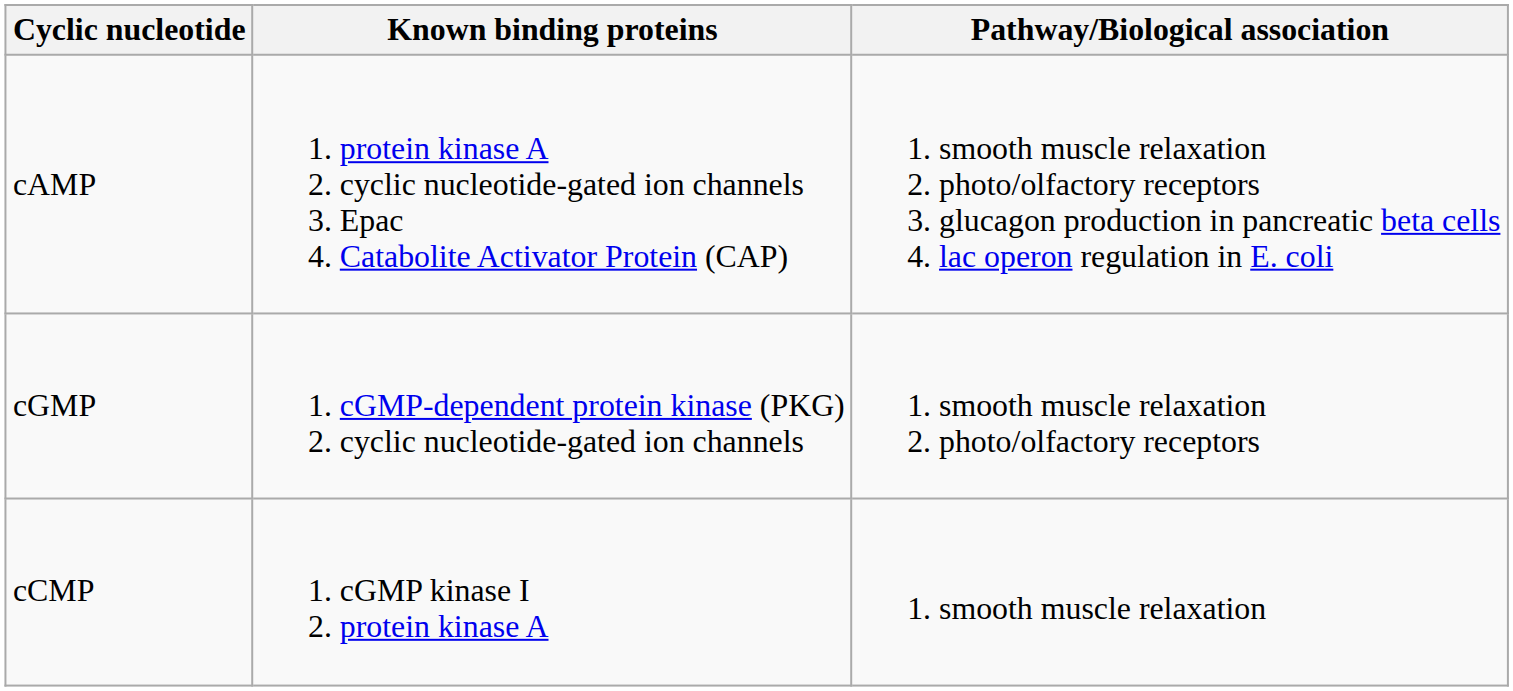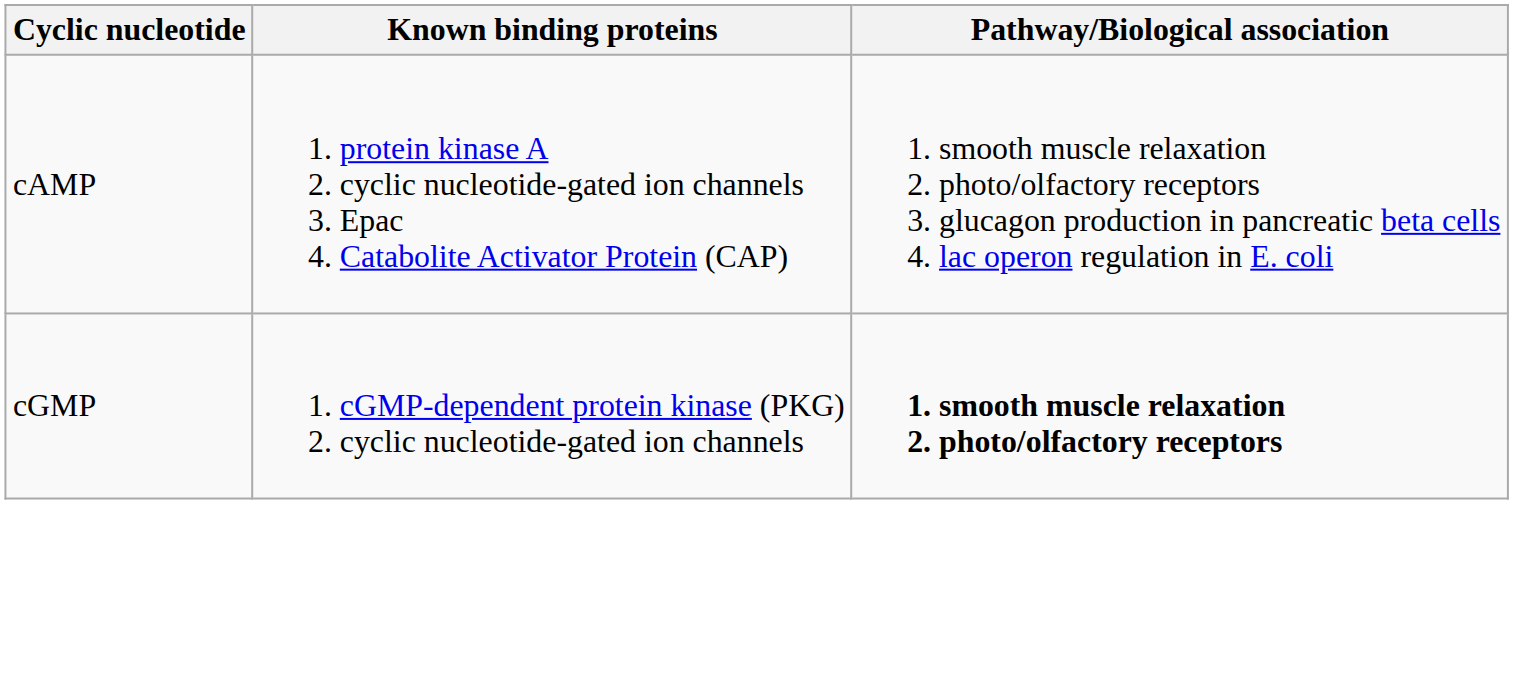 <table class="wikitable" style="margin: 1em auto 1em auto;border-collapse:collapse">
 <tr>
 <th>Cyclic nucleotide</th>
 <th>Known binding proteins</th>
 <th>Pathway/Biological association</th>
 </tr>
 <tr>
 <td>cAMP</td>
 <td><br><ol><li><a href='#'>protein kinase A</a></li><li>cyclic nucleotide-gated ion channels</li><li>Epac</li><li><a href='#'>Catabolite Activator Protein</a> (CAP)</li></ol></td>
 <td><br><ol><li>smooth muscle relaxation</li><li>photo/olfactory receptors</li><li>glucagon production in pancreatic <a href='#'>beta cells</a></li><li><a href='#'>lac operon</a> regulation in <a href='#'>E. coli</a></li></ol></td>
 </tr>
 <tr>
 <td>cGMP</td>
 <td><br><ol><li><a href='#'>cGMP-dependent protein kinase</a> (PKG)</li><li>cyclic nucleotide-gated ion channels</li></ol></td>
-<td><br><ol><li>smooth muscle relaxation</li><li>photo/olfactory receptors</li></ol></td>
-</tr>
-<tr>
-<td>cCMP</td>
-<td><br><ol><li>cGMP kinase I</li><li><a href='#'>protein kinase A</a></li></ol></td>
-<td><br><ol><li>smooth muscle relaxation</li></ol></td>
+<td><strong><br><ol><li>smooth muscle relaxation</li><li>photo/olfactory receptors</li></ol></strong></td>
 </tr>
 </table>
